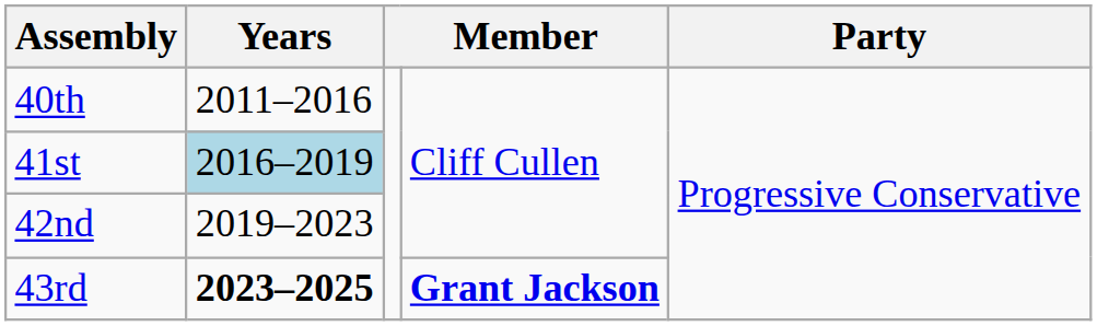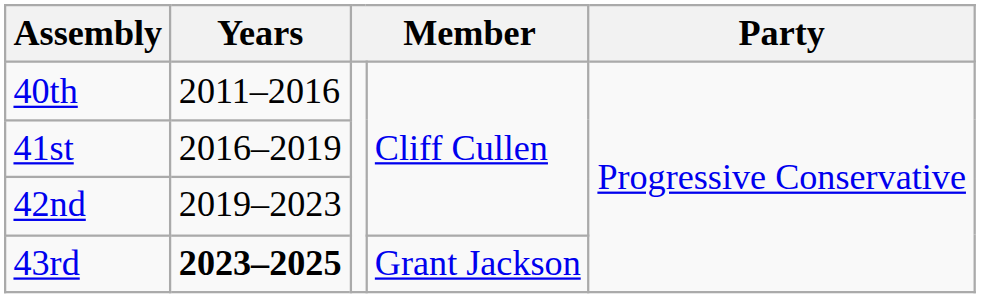 <table class="wikitable">
 <tr>
 <th>Assembly</th>
 <th>Years</th>
 <th colspan="2">Member</th>
 <th>Party<br></th>
 </tr>
 <tr>
 <td><a href='#'>40th</a></td>
 <td>2011–2016</td>
 <td rowspan=4 ></td>
 <td rowspan=3><a href='#'>Cliff Cullen</a></td>
 <td rowspan=4><a href='#'>Progressive Conservative</a></td>
 </tr>
 <tr>
 <td><a href='#'>41st</a></td>
-<td style="background: lightblue;">2016–2019</td>
+<td>2016–2019</td>
 </tr>
 <tr>
 <td><a href='#'>42nd</a></td>
 <td>2019–2023</td>
 </tr>
 <tr>
 <td><a href='#'>43rd</a></td>
 <td><strong>2023–2025</strong></td>
-<td><strong><a href='#'>Grant Jackson</a></strong></td>
+<td><a href='#'>Grant Jackson</a></td>
 </tr>
 </table>
